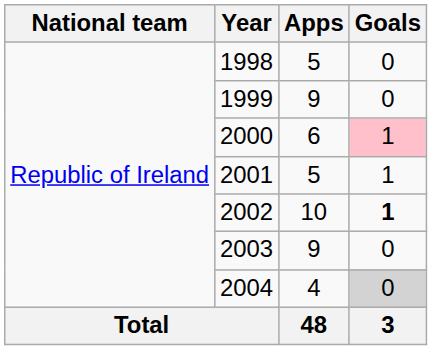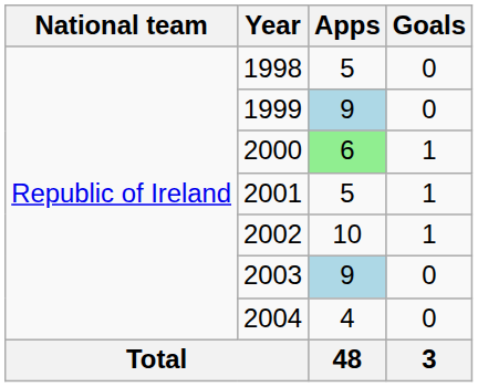 <table class="wikitable" style="text-align:center">
 <tr>
 <th>National team</th>
 <th>Year</th>
 <th>Apps</th>
 <th>Goals</th>
 </tr>
 <tr>
 <td rowspan="7"><a href='#'>Republic of Ireland</a></td>
 <td>1998</td>
 <td>5</td>
 <td>0</td>
 </tr>
 <tr>
 <td>1999</td>
-<td>9</td>
+<td style="background: lightblue;">9</td>
 <td>0</td>
 </tr>
 <tr>
 <td>2000</td>
-<td>6</td>
-<td style="background: pink;">1</td>
+<td style="background: lightgreen;">6</td>
+<td>1</td>
 </tr>
 <tr>
 <td>2001</td>
 <td>5</td>
 <td>1</td>
 </tr>
 <tr>
 <td>2002</td>
 <td>10</td>
-<td><strong>1</strong></td>
+<td>1</td>
 </tr>
 <tr>
 <td>2003</td>
-<td>9</td>
+<td style="background: lightblue;">9</td>
 <td>0</td>
 </tr>
 <tr>
 <td>2004</td>
 <td>4</td>
-<td style="background: lightgrey;">0</td>
+<td>0</td>
 </tr>
 <tr>
 <th colspan="2">Total</th>
 <th>48</th>
 <th>3</th>
 </tr>
 </table>
